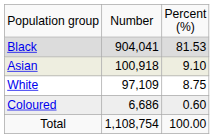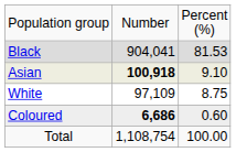 <table class="wikitable">
 <tr style="text-align:center">
 <td>Population group</td>
 <td>Number</td>
 <td>Percent<br>(%)</td>
 </tr>
 <tr style="text-align:right; background:gainsboro;">
 <td style="text-align:left;"><a href='#'>Black</a></td>
 <td>904,041</td>
 <td>81.53</td>
 </tr>
 <tr style="text-align:right; background:#EEEEE0">
 <td style="text-align:left; "><a href='#'>Asian</a></td>
-<td>100,918</td>
+<td><strong>100,918</strong></td>
 <td>9.10</td>
 </tr>
 <tr style="text-align:right; background:white;">
 <td style="text-align:left; "><a href='#'>White</a></td>
 <td>97,109</td>
 <td>8.75</td>
 </tr>
 <tr style="text-align:right; background:#eee;">
 <td style="text-align:left;"><a href='#'>Coloured</a></td>
-<td>6,686</td>
+<td><strong>6,686</strong></td>
 <td>0.60</td>
 </tr>
 <tr style="text-align:right; ">
 <td style="text-align:center;">Total</td>
 <td>1,108,754</td>
 <td>100.00</td>
 </tr>
 </table>
